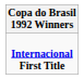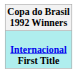 <table class="wikitable" style="text-align: center; margin: 0 auto;">
 <tr>
 <th>Copa do Brasil<br>1992 Winners</th>
 </tr>
 <tr>
-<td><br><strong><a href='#'>Internacional</a></strong><br><strong>First Title</strong></td>
+<td style="background: paleturquoise;"><br><strong><a href='#'>Internacional</a></strong><br><strong>First Title</strong></td>
 </tr>
 </table>
